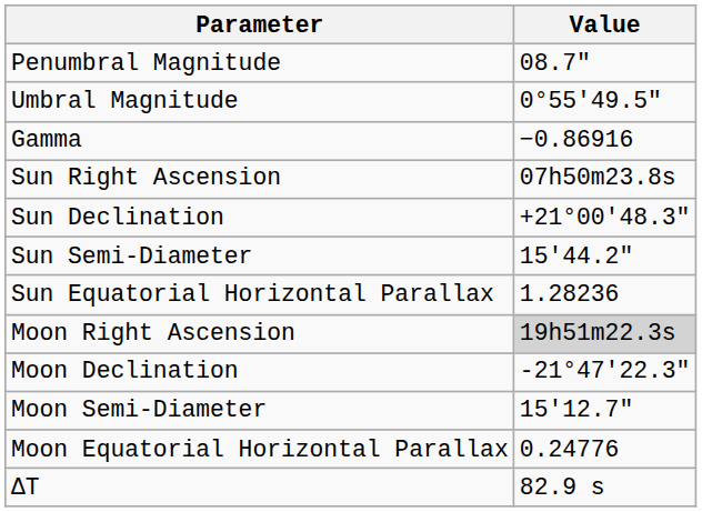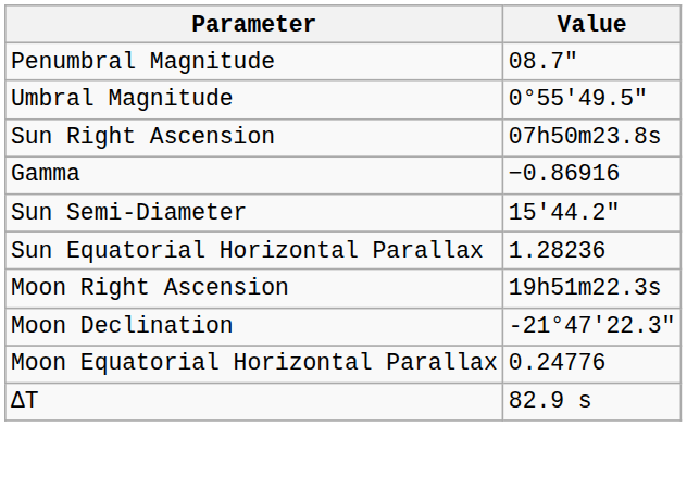 <table class="wikitable">
 <tr>
 <th>Parameter</th>
 <th>Value</th>
 </tr>
 <tr>
 <td>Penumbral Magnitude</td>
 <td>08.7"</td>
 </tr>
 <tr>
 <td>Umbral Magnitude</td>
 <td>0°55'49.5"</td>
 </tr>
 <tr>
-<td>Gamma</td>
-<td>−0.86916</td>
-</tr>
-<tr>
 <td>Sun Right Ascension</td>
 <td>07h50m23.8s</td>
 </tr>
 <tr>
-<td>Sun Declination</td>
-<td>+21°00'48.3"</td>
+<td>Gamma</td>
+<td>−0.86916</td>
 </tr>
 <tr>
 <td>Sun Semi-Diameter</td>
 <td>15'44.2"</td>
 </tr>
 <tr>
 <td>Sun Equatorial Horizontal Parallax</td>
 <td>1.28236</td>
 </tr>
 <tr>
 <td>Moon Right Ascension</td>
-<td style="background: lightgrey;">19h51m22.3s</td>
+<td>19h51m22.3s</td>
 </tr>
 <tr>
 <td>Moon Declination</td>
 <td>-21°47'22.3"</td>
-</tr>
-<tr>
-<td>Moon Semi-Diameter</td>
-<td>15'12.7"</td>
 </tr>
 <tr>
 <td>Moon Equatorial Horizontal Parallax</td>
 <td>0.24776</td>
 </tr>
 <tr>
 <td>ΔT</td>
 <td>82.9 s</td>
 </tr>
 </table>
